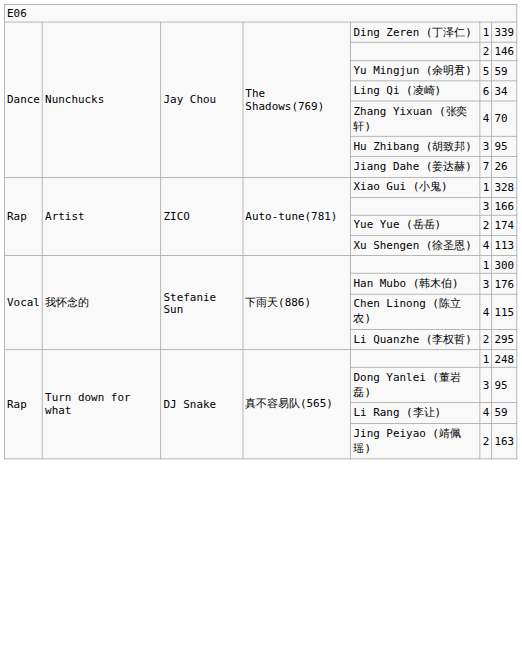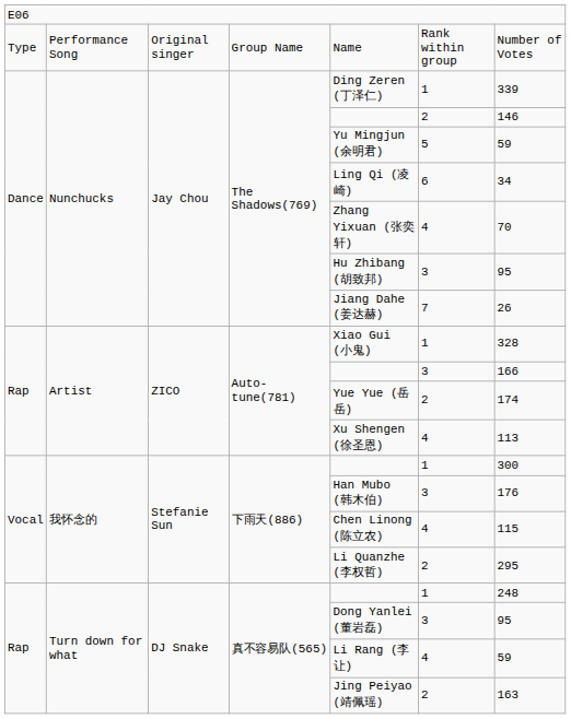 <table class="wikitable">
 <tr>
 <td colspan="7">E06</td>
+</tr>
+<tr>
+<td>Type</td>
+<td>Performance Song</td>
+<td>Original singer</td>
+<td>Group Name</td>
+<td>Name</td>
+<td>Rank within group</td>
+<td>Number of Votes</td>
 </tr>
 <tr>
 <td rowspan="7">Dance</td>
 <td rowspan="7">Nunchucks</td>
 <td rowspan="7">Jay Chou</td>
 <td rowspan="7">The Shadows(769)</td>
 <td>Ding Zeren (丁泽仁)</td>
 <td>1</td>
 <td>339</td>
 </tr>
 <tr>
 <td></td>
 <td>2</td>
 <td>146</td>
 </tr>
 <tr>
 <td>Yu Mingjun (余明君)</td>
 <td>5</td>
 <td>59</td>
 </tr>
 <tr>
 <td>Ling Qi (凌崎)</td>
 <td>6</td>
 <td>34</td>
 </tr>
 <tr>
 <td>Zhang Yixuan (张奕轩)</td>
 <td>4</td>
 <td>70</td>
 </tr>
 <tr>
 <td>Hu Zhibang (胡致邦)</td>
 <td>3</td>
 <td>95</td>
 </tr>
 <tr>
 <td>Jiang Dahe (姜达赫)</td>
 <td>7</td>
 <td>26</td>
 </tr>
 <tr>
 <td rowspan="4">Rap</td>
 <td rowspan="4">Artist</td>
 <td rowspan="4">ZICO</td>
 <td rowspan="4">Auto-tune(781)</td>
 <td>Xiao Gui (小鬼)</td>
 <td>1</td>
 <td>328</td>
 </tr>
 <tr>
 <td></td>
 <td>3</td>
 <td>166</td>
 </tr>
 <tr>
 <td>Yue Yue (岳岳)</td>
 <td>2</td>
 <td>174</td>
 </tr>
 <tr>
 <td>Xu Shengen (徐圣恩)</td>
 <td>4</td>
 <td>113</td>
 </tr>
 <tr>
 <td rowspan="4">Vocal</td>
 <td rowspan="4">我怀念的</td>
 <td rowspan="4">Stefanie Sun</td>
 <td rowspan="4">下雨天(886)</td>
 <td></td>
 <td>1</td>
 <td>300</td>
 </tr>
 <tr>
 <td>Han Mubo (韩木伯)</td>
 <td>3</td>
 <td>176</td>
 </tr>
 <tr>
 <td>Chen Linong (陈立农)</td>
 <td>4</td>
 <td>115</td>
 </tr>
 <tr>
 <td>Li Quanzhe (李权哲)</td>
 <td>2</td>
 <td>295</td>
 </tr>
 <tr>
 <td rowspan="4">Rap</td>
 <td rowspan="4">Turn down for  what</td>
 <td rowspan="4">DJ Snake</td>
 <td rowspan="4">真不容易队(565)</td>
 <td></td>
 <td>1</td>
 <td>248</td>
 </tr>
 <tr>
 <td>Dong Yanlei (董岩磊)</td>
 <td>3</td>
 <td>95</td>
 </tr>
 <tr>
 <td>Li Rang (李让)</td>
 <td>4</td>
 <td>59</td>
 </tr>
 <tr>
 <td>Jing Peiyao (靖佩瑶)</td>
 <td>2</td>
 <td>163</td>
 </tr>
 </table>
